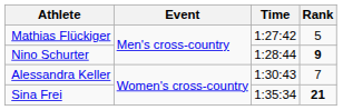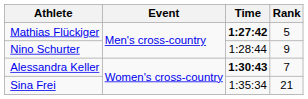 <table class=wikitable style=font-size:90%;text-align:center>
 <tr>
 <th>Athlete</th>
 <th>Event</th>
 <th>Time</th>
 <th>Rank</th>
 </tr>
 <tr align=center>
 <td align=left> <a href='#'>Mathias Flückiger</a></td>
 <td align=left rowspan=2><a href='#'>Men's cross-country</a></td>
-<td>1:27:42</td>
+<td><strong>1:27:42</strong></td>
 <td>5</td>
 </tr>
 <tr align=center>
 <td align=left> <a href='#'>Nino Schurter</a></td>
 <td>1:28:44</td>
-<td><strong>9</strong></td>
+<td>9</td>
 </tr>
 <tr align=center>
 <td align=left> <a href='#'>Alessandra Keller</a></td>
 <td align=left rowspan=2><a href='#'>Women's cross-country</a></td>
-<td>1:30:43</td>
+<td><strong>1:30:43</strong></td>
 <td>7</td>
 </tr>
 <tr align=center>
 <td align=left> <a href='#'>Sina Frei</a></td>
 <td>1:35:34</td>
-<td><strong>21</strong></td>
+<td>21</td>
 </tr>
 </table>
